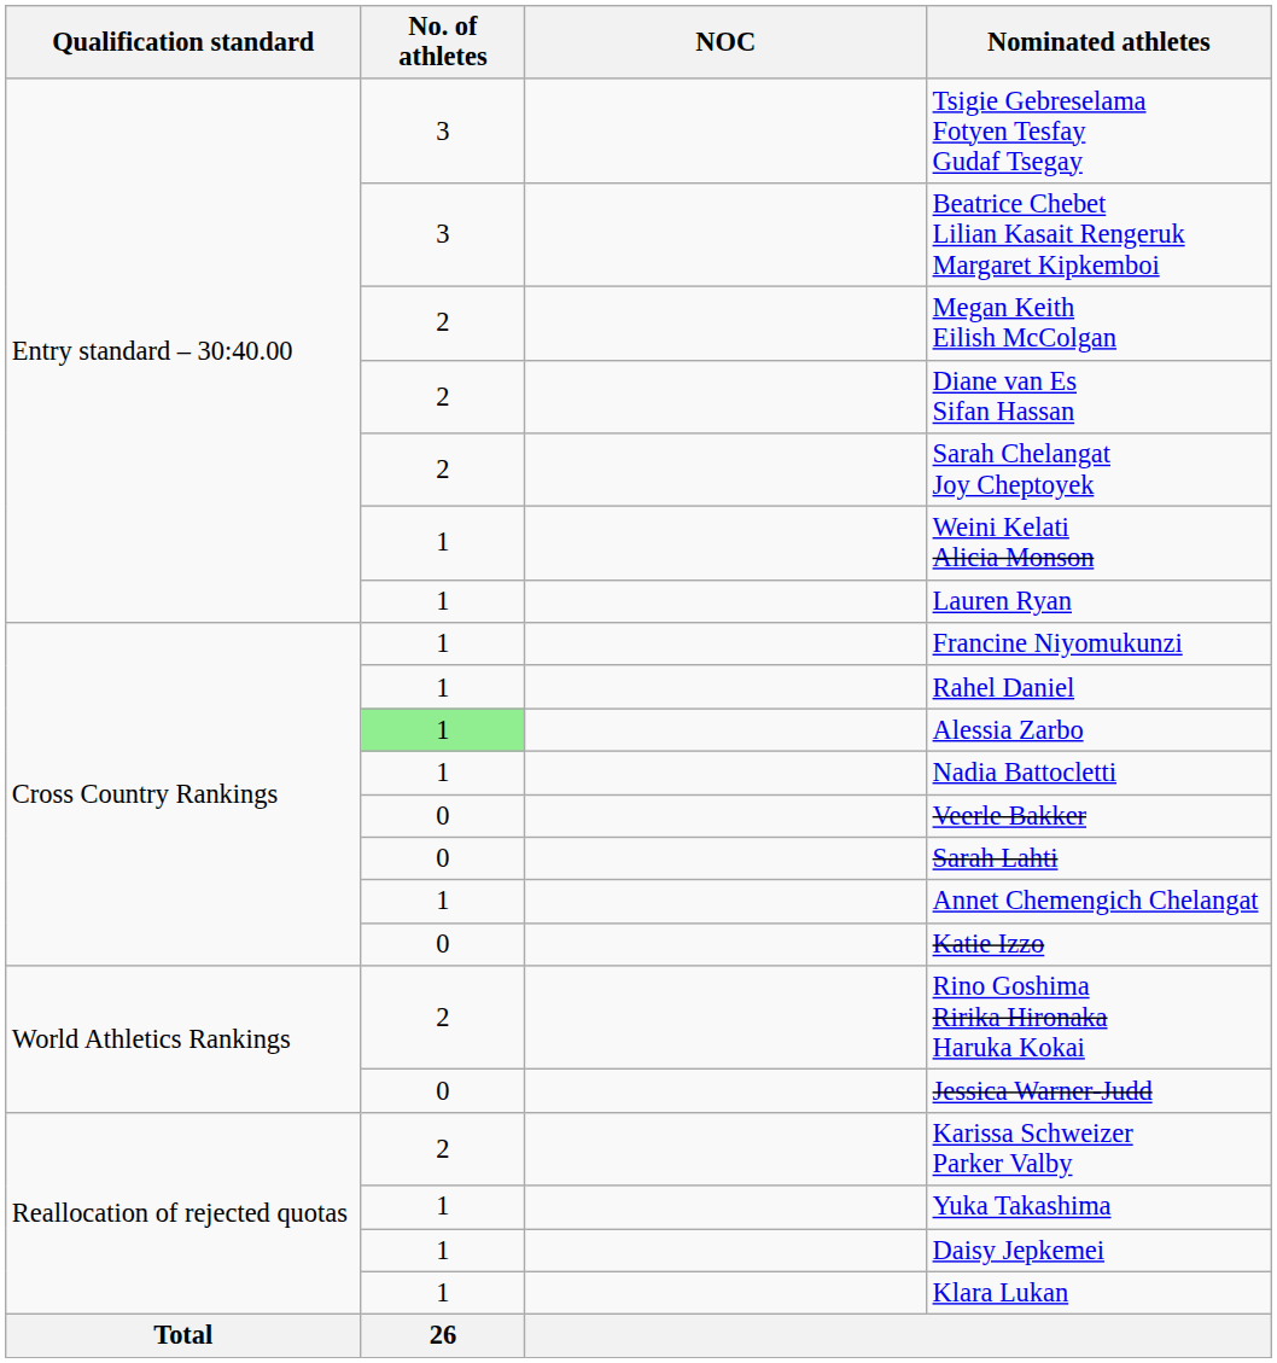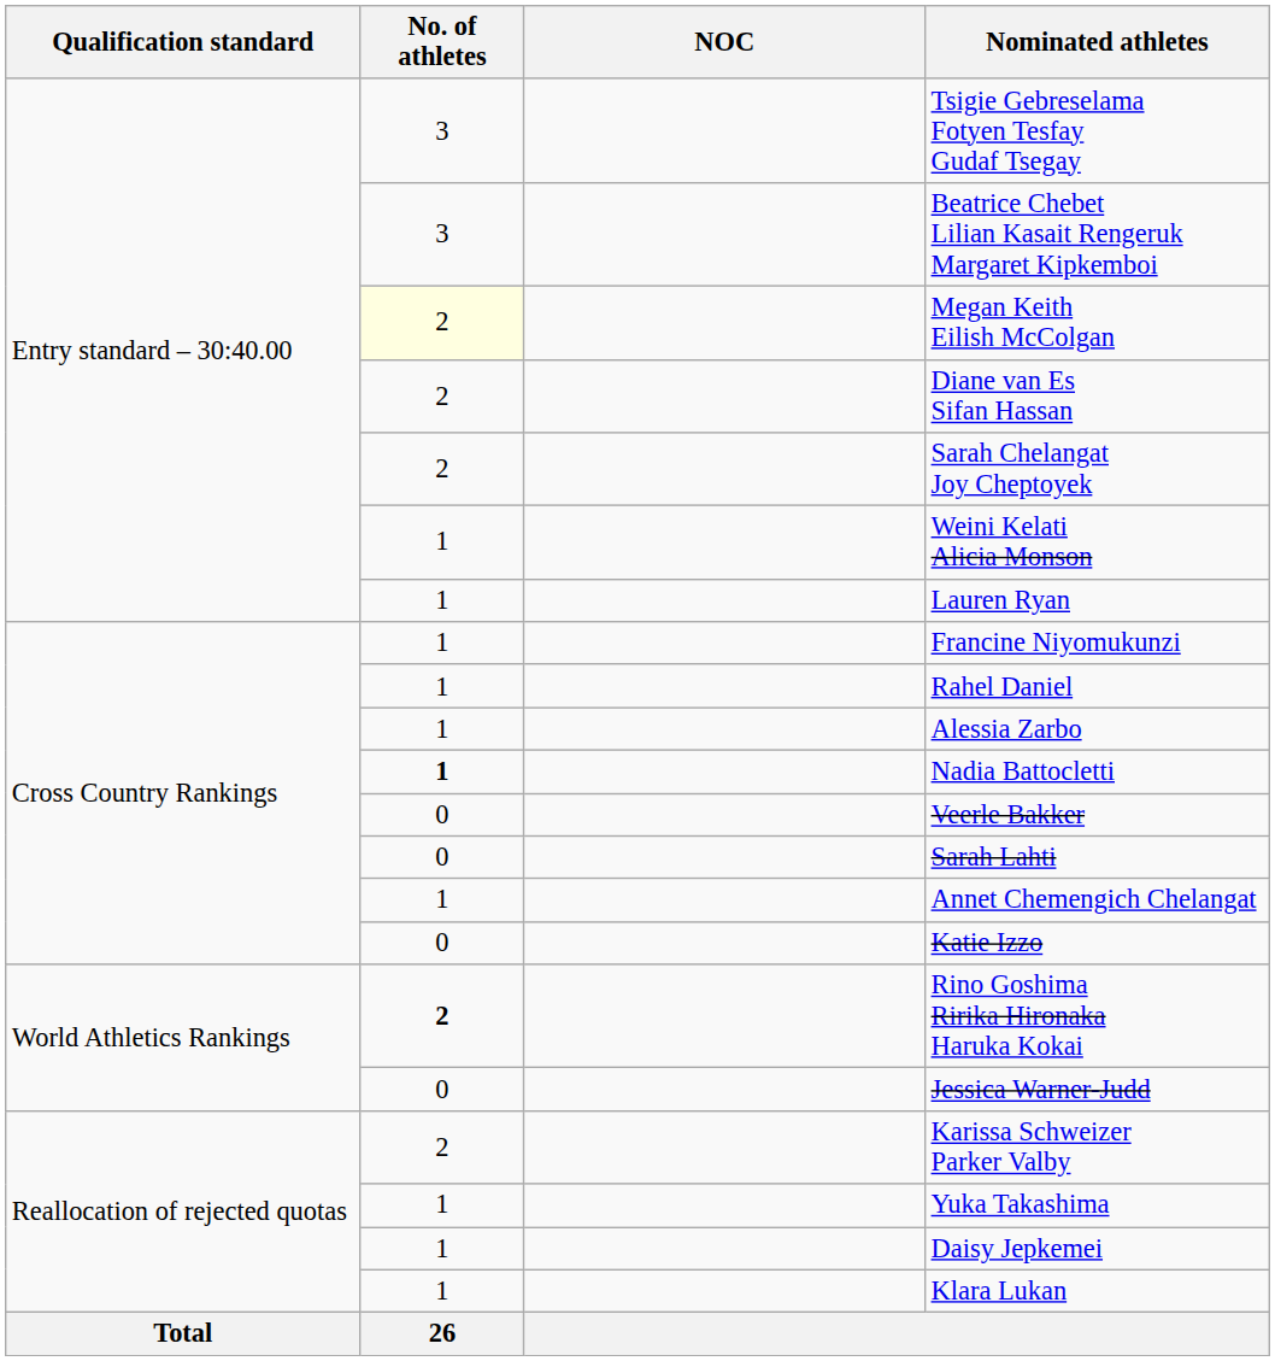 <table class="wikitable sortable" style="text-align:left; width:750px;">
 <tr>
 <th>Qualification standard</th>
 <th width=90>No. of athletes</th>
 <th width=230>NOC</th>
 <th>Nominated athletes</th>
 </tr>
 <tr>
 <td rowspan=7>Entry standard – 30:40.00</td>
 <td align=center>3</td>
 <td></td>
 <td><a href='#'>Tsigie Gebreselama</a><br><a href='#'>Fotyen Tesfay</a><br><a href='#'>Gudaf Tsegay</a></td>
 </tr>
 <tr>
 <td align=center>3</td>
 <td></td>
 <td><a href='#'>Beatrice Chebet</a><br><a href='#'>Lilian Kasait Rengeruk</a><br><a href='#'>Margaret Kipkemboi</a></td>
 </tr>
 <tr>
-<td align=center>2</td>
+<td align=center style="background: lightyellow;">2</td>
 <td></td>
 <td><a href='#'>Megan Keith</a><br><a href='#'>Eilish McColgan</a></td>
 </tr>
 <tr>
 <td align=center>2</td>
 <td></td>
 <td><a href='#'>Diane van Es</a><br><a href='#'>Sifan Hassan</a></td>
 </tr>
 <tr>
 <td align=center>2</td>
 <td></td>
 <td><a href='#'>Sarah Chelangat</a><br><a href='#'>Joy Cheptoyek</a></td>
 </tr>
 <tr>
 <td align=center>1</td>
 <td></td>
 <td><a href='#'>Weini Kelati</a><br><s><a href='#'>Alicia Monson</a></s></td>
 </tr>
 <tr>
 <td align=center>1</td>
 <td></td>
 <td><a href='#'>Lauren Ryan</a></td>
 </tr>
 <tr>
 <td rowspan=8>Cross Country Rankings</td>
 <td align=center>1</td>
 <td></td>
 <td><a href='#'>Francine Niyomukunzi</a></td>
 </tr>
 <tr>
 <td align=center>1</td>
 <td></td>
 <td><a href='#'>Rahel Daniel</a></td>
 </tr>
 <tr>
-<td align=center style="background: lightgreen;">1</td>
+<td align=center>1</td>
 <td></td>
 <td><a href='#'>Alessia Zarbo</a></td>
 </tr>
 <tr>
-<td align=center>1</td>
+<td align=center><strong>1</strong></td>
 <td></td>
 <td><a href='#'>Nadia Battocletti</a></td>
 </tr>
 <tr>
 <td align=center>0</td>
 <td><s></s></td>
 <td><s><a href='#'>Veerle Bakker</a></s></td>
 </tr>
 <tr>
 <td align=center>0</td>
 <td><s></s></td>
 <td><s><a href='#'>Sarah Lahti</a></s></td>
 </tr>
 <tr>
 <td align=center>1</td>
 <td></td>
 <td><a href='#'>Annet Chemengich Chelangat</a></td>
 </tr>
 <tr>
 <td align=center>0</td>
 <td><s></s></td>
 <td><s><a href='#'>Katie Izzo</a></s></td>
 </tr>
 <tr>
 <td rowspan=2>World Athletics Rankings</td>
-<td align=center>2</td>
+<td align=center><strong>2</strong></td>
 <td></td>
 <td><a href='#'>Rino Goshima</a><br><s><a href='#'>Ririka Hironaka</a></s><br><a href='#'>Haruka Kokai</a></td>
 </tr>
 <tr>
 <td align=center>0</td>
 <td><s></s></td>
 <td><s><a href='#'>Jessica Warner-Judd</a></s></td>
 </tr>
 <tr>
 <td rowspan=4>Reallocation of rejected quotas</td>
 <td align=center>2</td>
 <td></td>
 <td><a href='#'>Karissa Schweizer</a><br><a href='#'>Parker Valby</a></td>
 </tr>
 <tr>
 <td align=center>1</td>
 <td></td>
 <td><a href='#'>Yuka Takashima</a></td>
 </tr>
 <tr>
 <td align=center>1</td>
 <td></td>
 <td><a href='#'>Daisy Jepkemei</a></td>
 </tr>
 <tr>
 <td align=center>1</td>
 <td></td>
 <td><a href='#'>Klara Lukan</a></td>
 </tr>
 <tr>
 <th>Total</th>
 <th>26</th>
 <th colspan=2></th>
 </tr>
 </table>
